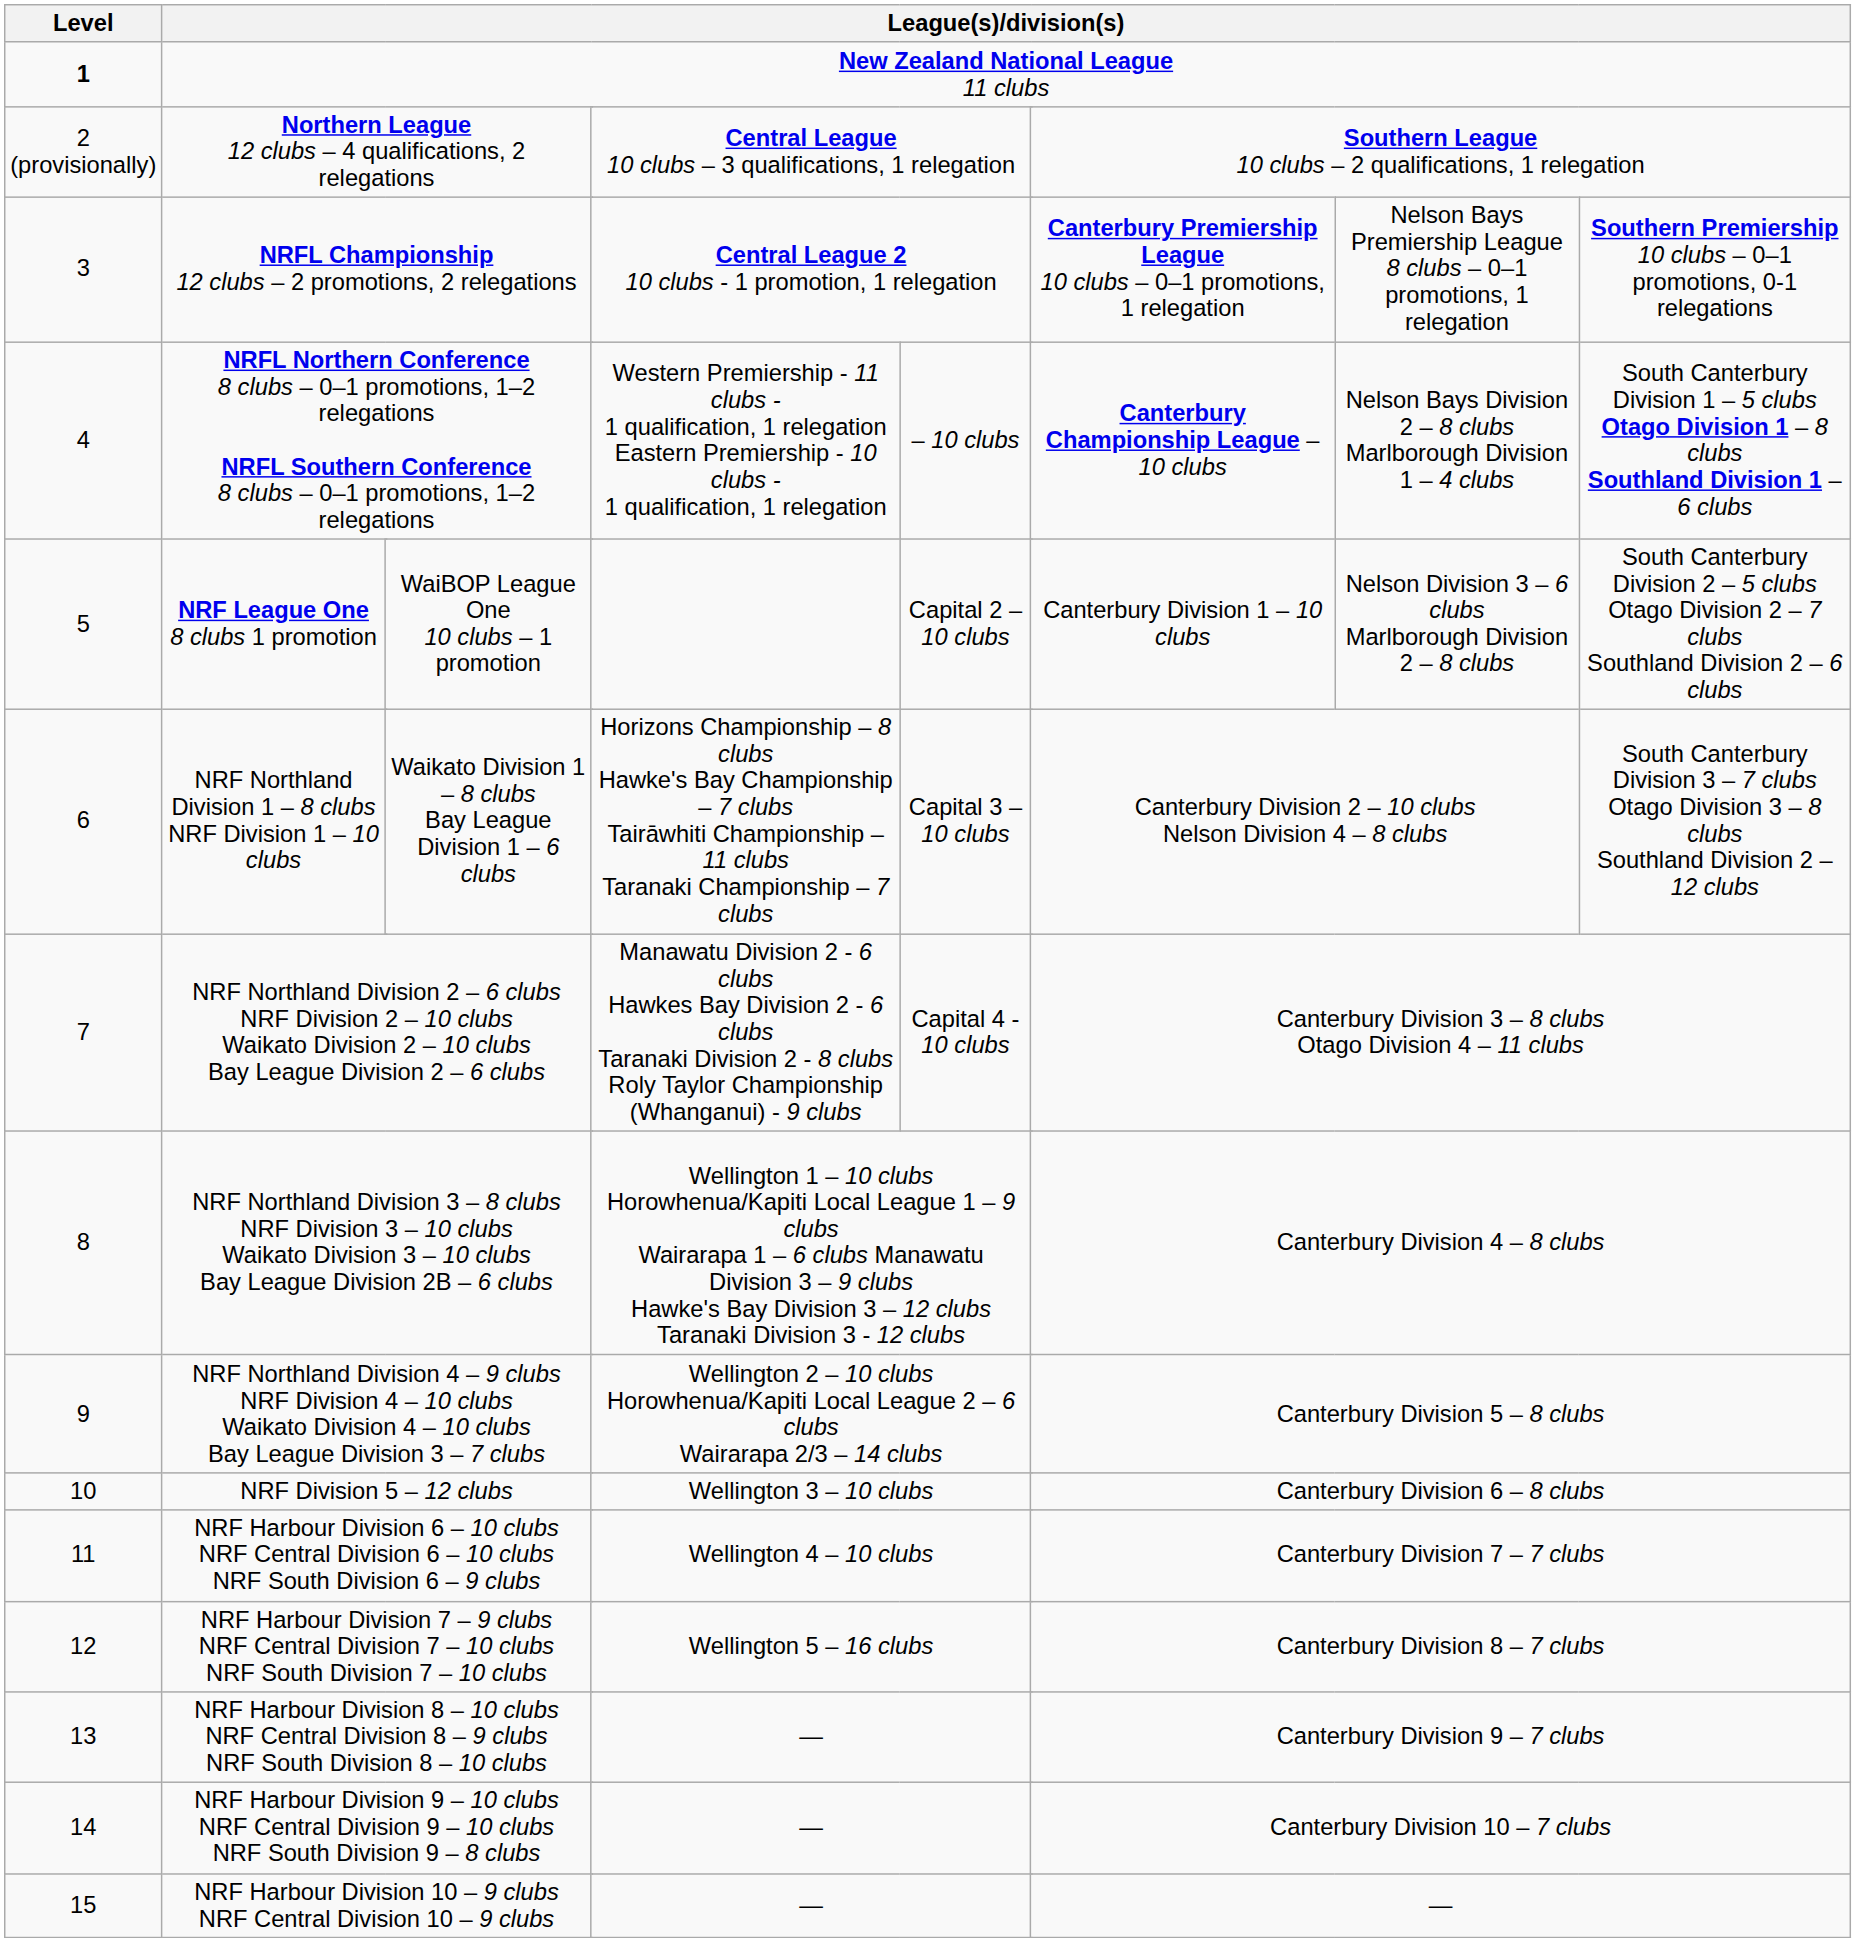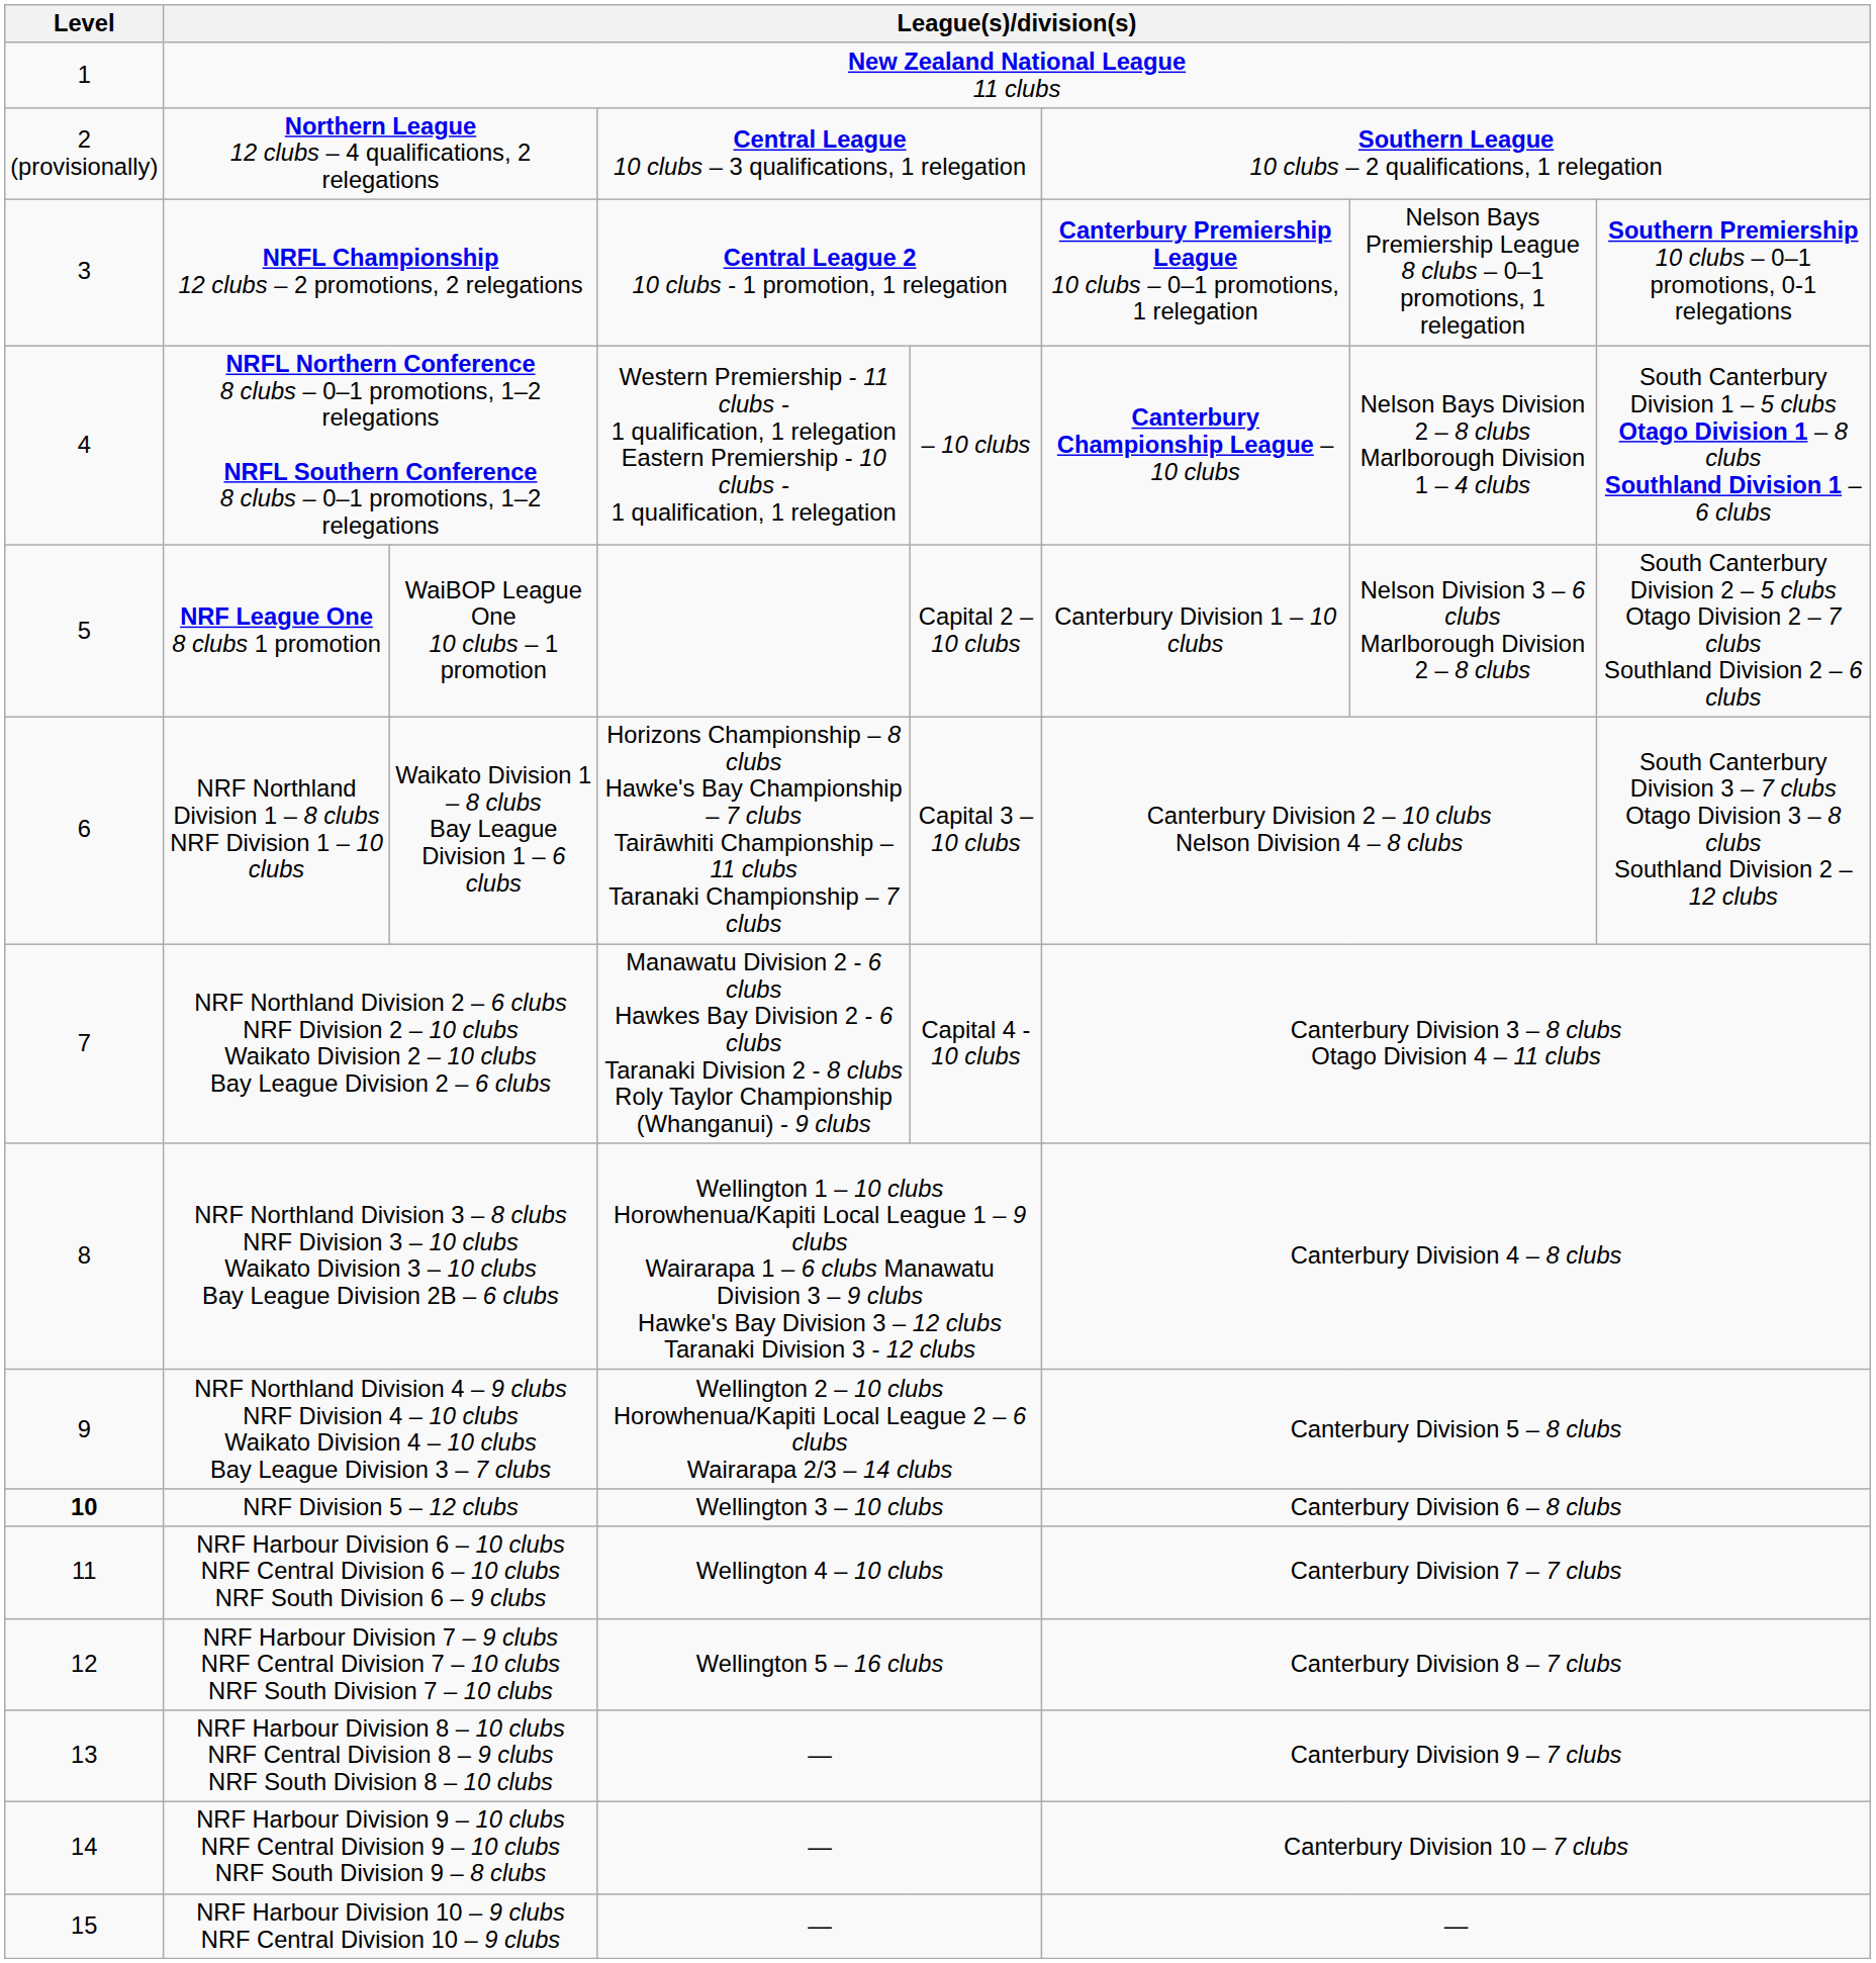 <table class="wikitable" style="text-align: center;">
 <tr>
 <th width=4%>Level</th>
 <th colspan="30" width=96%>League(s)/division(s)</th>
 </tr>
 <tr>
-<td><strong>1</strong></td>
+<td>1</td>
 <td colspan="32"><strong><a href='#'>New Zealand National League</a></strong><br><em>11 clubs</em></td>
 </tr>
 <tr>
 <td>2 (provisionally)</td>
 <td colspan=10><strong><a href='#'>Northern League</a></strong><br><em>12 clubs</em> – 4 qualifications, 2 relegations</td>
 <td colspan=10><strong><a href='#'>Central League</a></strong><br><em>10 clubs</em> – 3 qualifications, 1 relegation</td>
 <td colspan=10><strong><a href='#'>Southern League</a></strong><br><em>10 clubs</em> – 2 qualifications, 1 relegation</td>
 </tr>
 <tr>
 <td>3</td>
 <td colspan="10"><strong><a href='#'>NRFL Championship</a></strong><br> <em>12 clubs</em> – 2 promotions, 2 relegations</td>
 <td colspan=10><strong><a href='#'>Central League 2</a></strong><br><em>10 clubs</em> - 1 promotion, 1 relegation</td>
 <td colspan=4><strong><a href='#'>Canterbury Premiership League</a></strong><br><em>10 clubs</em> – 0–1 promotions, 1 relegation</td>
 <td colspan=4>Nelson Bays Premiership League<br><em>8 clubs</em> – 0–1 promotions, 1 relegation</td>
 <td colspan=4><strong><a href='#'>Southern Premiership</a></strong><br> <em>10 clubs</em> – 0–1 promotions, 0-1 relegations</td>
 </tr>
 <tr>
 <td>4</td>
 <td colspan=10><strong><a href='#'>NRFL Northern Conference</a></strong><br> <em>8 clubs</em> – 0–1 promotions, 1–2 relegations<br><br><strong><a href='#'>NRFL Southern Conference</a></strong><br> <em>8 clubs</em> – 0–1 promotions, 1–2 relegations</td>
 <td colspan=5>Western Premiership - <em>11 clubs -</em><br>1 qualification, 1 relegation<br>Eastern Premiership - <em>10 clubs -</em><br>1 qualification, 1 relegation</td>
 <td colspan=5> – <em>10 clubs</em></td>
 <td colspan=4><strong><a href='#'>Canterbury Championship League</a></strong> – <em>10 clubs</em></td>
 <td colspan=4>Nelson Bays Division 2 – <em>8 clubs</em><br>Marlborough Division 1 – <em>4 clubs</em></td>
 <td colspan=4>South Canterbury Division 1 – <em>5 clubs</em><br><strong><a href='#'>Otago Division 1</a></strong> – <em>8 clubs</em><br><strong><a href='#'>Southland Division 1</a></strong> – <em>6 clubs</em></td>
 </tr>
 <tr>
 <td>5</td>
 <td colspan=5><strong><a href='#'>NRF League One</a></strong><br><em>8 clubs</em>  1 promotion</td>
 <td colspan=5>WaiBOP League One<br><em>10 clubs</em> – 1 promotion</td>
 <td colspan=5></td>
 <td colspan=5>Capital 2 – <em>10 clubs</em></td>
 <td colspan=4>Canterbury Division 1 – <em>10 clubs</em></td>
 <td colspan=4>Nelson Division 3 – <em>6 clubs</em><br>Marlborough Division 2 – <em>8 clubs</em></td>
 <td colspan=4>South Canterbury Division 2 – <em>5 clubs</em><br>Otago Division 2 – <em>7 clubs</em><br>Southland Division 2 – <em>6 clubs</em></td>
 </tr>
 <tr>
 <td>6</td>
 <td colspan=5>NRF Northland Division 1 – <em>8 clubs</em><br>NRF Division 1 – <em>10 clubs</em></td>
 <td colspan=5>Waikato Division 1 – <em>8 clubs</em><br>Bay League Division 1 – <em>6 clubs</em></td>
 <td colspan=5>Horizons Championship – <em>8 clubs</em><br>Hawke's Bay Championship – <em>7</em> <em>clubs</em><br>Tairāwhiti Championship –  <em>11 clubs</em><br>Taranaki Championship – <em>7 clubs</em></td>
 <td colspan=5>Capital 3 – <em>10 clubs</em></td>
 <td colspan=8>Canterbury Division 2 – <em>10 clubs</em><br>Nelson Division 4 – <em>8 clubs</em></td>
 <td colspan=4>South Canterbury Division 3 – <em>7 clubs</em><br>Otago Division 3 – <em>8 clubs</em><br>Southland Division 2 – <em>12 clubs</em></td>
 </tr>
 <tr>
 <td>7</td>
 <td colspan=10>NRF Northland Division 2 – <em>6 clubs</em><br>NRF Division 2 – <em>10 clubs</em><br>Waikato Division 2 – <em>10 clubs</em><br>Bay League Division 2 – <em>6 clubs</em></td>
 <td colspan=5>Manawatu Division 2 - <em>6 clubs</em><br>Hawkes Bay Division 2 - <em>6 clubs</em><br>Taranaki Division 2 - <em>8 clubs</em><br>Roly Taylor Championship (Whanganui) - <em>9 clubs</em></td>
 <td colspan=5>Capital 4 - <em>10 clubs</em></td>
 <td colspan=10>Canterbury Division 3 – <em>8 clubs</em><br>Otago Division 4 – <em>11 clubs</em></td>
 </tr>
 <tr>
 <td>8</td>
 <td colspan=10>NRF Northland Division 3 – <em>8 clubs</em><br>NRF Division 3 – <em>10 clubs</em><br>Waikato Division 3 – <em>10 clubs</em><br>Bay League Division 2B – <em>6 clubs</em></td>
 <td colspan=10><br>Wellington 1 – <em>10 clubs</em><br>Horowhenua/Kapiti Local League 1 – <em>9 clubs</em><br>Wairarapa 1 – <em>6 clubs</em> Manawatu Division 3 – <em>9</em> <em>clubs</em><br>Hawke's Bay Division 3 – <em>12 clubs</em>  Taranaki Division 3 - <em>12 clubs</em></td>
 <td colspan=10>Canterbury Division 4 – <em>8 clubs</em></td>
 </tr>
 <tr>
 <td>9</td>
 <td colspan=10>NRF Northland Division 4 – <em>9 clubs</em><br>NRF Division 4 – <em>10 clubs</em><br>Waikato Division 4 – <em>10 clubs</em><br>Bay League Division 3 – <em>7 clubs</em></td>
 <td colspan=10>Wellington 2 – <em>10 clubs</em><br>Horowhenua/Kapiti Local League 2 – <em>6 clubs</em><br>Wairarapa 2/3 – <em>14 clubs</em></td>
 <td colspan=10>Canterbury Division 5 – <em>8 clubs</em></td>
 </tr>
 <tr>
-<td>10</td>
+<td><strong>10</strong></td>
 <td colspan=10>NRF Division 5 – <em>12 clubs</em></td>
 <td colspan=10>Wellington 3 – <em>10 clubs</em></td>
 <td colspan=10>Canterbury Division 6 – <em>8 clubs</em></td>
 </tr>
 <tr>
 <td>11</td>
 <td colspan=10>NRF Harbour Division 6 – <em>10 clubs</em><br>NRF Central Division 6 – <em>10 clubs</em><br>NRF South Division 6 – <em>9 clubs</em></td>
 <td colspan=10>Wellington 4 – <em>10 clubs</em></td>
 <td colspan=10>Canterbury Division 7 – <em>7 clubs</em></td>
 </tr>
 <tr>
 <td>12</td>
 <td colspan=10>NRF Harbour Division 7 – <em>9 clubs</em><br>NRF Central Division 7 – <em>10 clubs</em><br>NRF South Division 7 – <em>10 clubs</em></td>
 <td colspan=10>Wellington 5 – <em>16 clubs</em></td>
 <td colspan=10>Canterbury Division 8 – <em>7 clubs</em></td>
 </tr>
 <tr>
 <td>13</td>
 <td colspan=10>NRF Harbour Division 8 – <em>10 clubs</em><br>NRF Central Division 8 – <em>9 clubs</em><br>NRF South Division 8 – <em>10 clubs</em></td>
 <td colspan=10>—</td>
 <td colspan=10>Canterbury Division 9 – <em>7 clubs</em></td>
 </tr>
 <tr>
 <td>14</td>
 <td colspan=10>NRF Harbour Division 9 – <em>10 clubs</em><br>NRF Central Division 9 – <em>10 clubs</em><br>NRF South Division 9 – <em>8 clubs</em></td>
 <td colspan=10>—</td>
 <td colspan=10>Canterbury Division 10 – <em>7 clubs</em></td>
 </tr>
 <tr>
 <td>15</td>
 <td colspan=10>NRF Harbour Division 10 – <em>9 clubs</em><br>NRF Central Division 10 – <em>9 clubs</em></td>
 <td colspan=10>—</td>
 <td colspan=10>—</td>
 </tr>
 <tr>
 </tr>
 </table>
